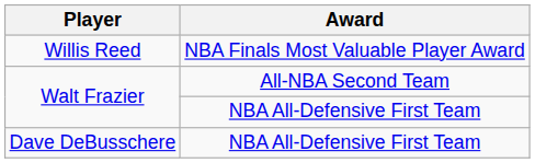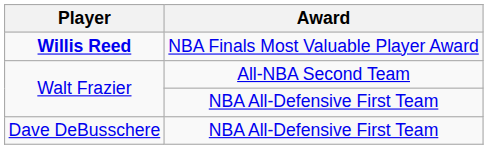 <table class="wikitable sortable sortable" style="text-align: center">
 <tr>
 <th>Player</th>
 <th>Award</th>
 </tr>
 <tr align="center">
-<td><a href='#'>Willis Reed</a></td>
+<td><strong><a href='#'>Willis Reed</a></strong></td>
 <td><a href='#'>NBA Finals Most Valuable Player Award</a></td>
 </tr>
 <tr align="center">
 <td rowspan=2><a href='#'>Walt Frazier</a></td>
 <td><a href='#'>All-NBA Second Team</a></td>
 </tr>
 <tr>
 <td><a href='#'>NBA All-Defensive First Team</a></td>
 </tr>
 <tr align="center">
 <td><a href='#'>Dave DeBusschere</a></td>
 <td><a href='#'>NBA All-Defensive First Team</a></td>
 </tr>
 </table>
